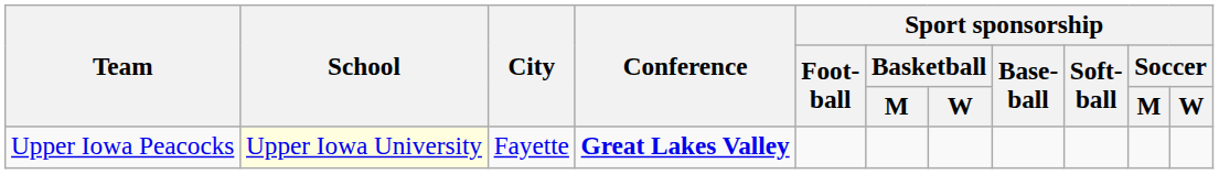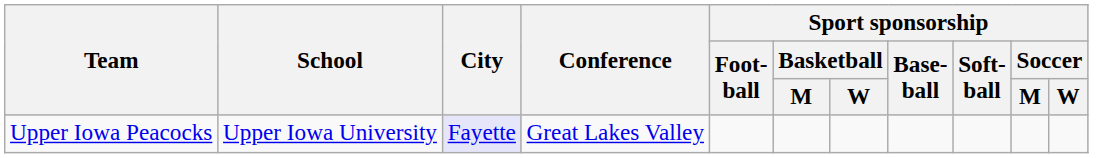 <table class="sortable wikitable">
 <tr>
 <th rowspan=3>Team</th>
 <th rowspan=3>School</th>
 <th rowspan=3>City</th>
 <th rowspan=3>Conference</th>
 <th colspan=7>Sport sponsorship</th>
 </tr>
 <tr>
 <th rowspan=2>Foot-<br>ball</th>
 <th colspan=2>Basketball</th>
 <th rowspan=2>Base-<br>ball</th>
 <th rowspan=2>Soft-<br>ball</th>
 <th colspan=2>Soccer</th>
 </tr>
 <tr>
 <th>M</th>
 <th>W</th>
 <th>M</th>
 <th>W</th>
 </tr>
 <tr>
 <td><a href='#'>Upper Iowa Peacocks</a></td>
-<td style="background: lightyellow;"><a href='#'>Upper Iowa University</a></td>
-<td><a href='#'>Fayette</a></td>
-<td><strong><a href='#'>Great Lakes Valley</a></strong></td>
+<td><a href='#'>Upper Iowa University</a></td>
+<td style="background: lavender;"><a href='#'>Fayette</a></td>
+<td><a href='#'>Great Lakes Valley</a></td>
 <td></td>
 <td></td>
 <td></td>
 <td></td>
 <td></td>
 <td></td>
 <td></td>
 </tr>
 </table>
